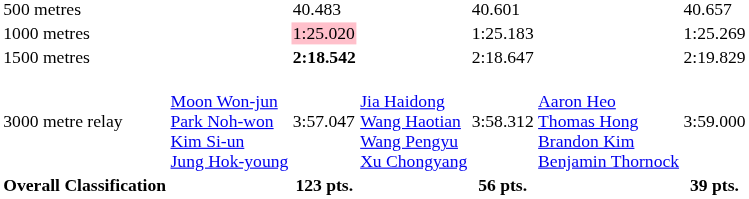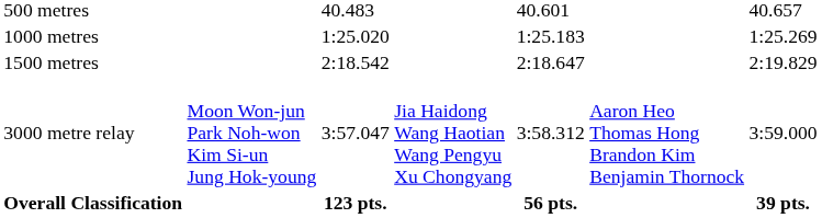 <table>
 <tr>
 <td>500 metres</td>
 <td></td>
 <td>40.483</td>
 <td></td>
 <td>40.601</td>
 <td></td>
 <td>40.657</td>
 </tr>
 <tr>
 <td>1000 metres</td>
 <td></td>
-<td style="background: pink;">1:25.020</td>
+<td>1:25.020</td>
 <td></td>
 <td>1:25.183</td>
 <td></td>
 <td>1:25.269</td>
 </tr>
 <tr>
 <td>1500 metres</td>
 <td></td>
-<td><strong>2:18.542</strong></td>
+<td>2:18.542</td>
 <td></td>
 <td>2:18.647</td>
 <td></td>
 <td>2:19.829</td>
 </tr>
 <tr>
 <td>3000 metre relay</td>
 <td><br><a href='#'>Moon Won-jun</a><br><a href='#'>Park Noh-won</a><br><a href='#'>Kim Si-un</a><br><a href='#'>Jung Hok-young</a></td>
 <td>3:57.047</td>
 <td><br><a href='#'>Jia Haidong</a><br><a href='#'>Wang Haotian</a><br><a href='#'>Wang Pengyu</a><br><a href='#'>Xu Chongyang</a></td>
 <td>3:58.312</td>
 <td><br><a href='#'>Aaron Heo</a><br><a href='#'>Thomas Hong</a><br><a href='#'>Brandon Kim</a><br><a href='#'>Benjamin Thornock</a></td>
 <td>3:59.000</td>
 </tr>
 <tr>
 <th>Overall Classification</th>
 <th></th>
 <th>123 pts.</th>
 <th></th>
 <th>56 pts.</th>
 <th></th>
 <th>39 pts.</th>
 </tr>
 </table>
